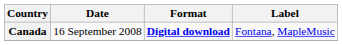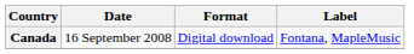 <table class="wikitable plainrowheaders">
 <tr>
 <th scope="col">Country</th>
 <th scope="col">Date</th>
 <th scope="col">Format</th>
 <th scope="col">Label</th>
 </tr>
 <tr>
 <th scope="row">Canada</th>
 <td>16 September 2008</td>
-<td><strong><a href='#'>Digital download</a></strong></td>
+<td><a href='#'>Digital download</a></td>
 <td><a href='#'>Fontana</a>, <a href='#'>MapleMusic</a></td>
 </tr>
 <tr>
 </tr>
 </table>
